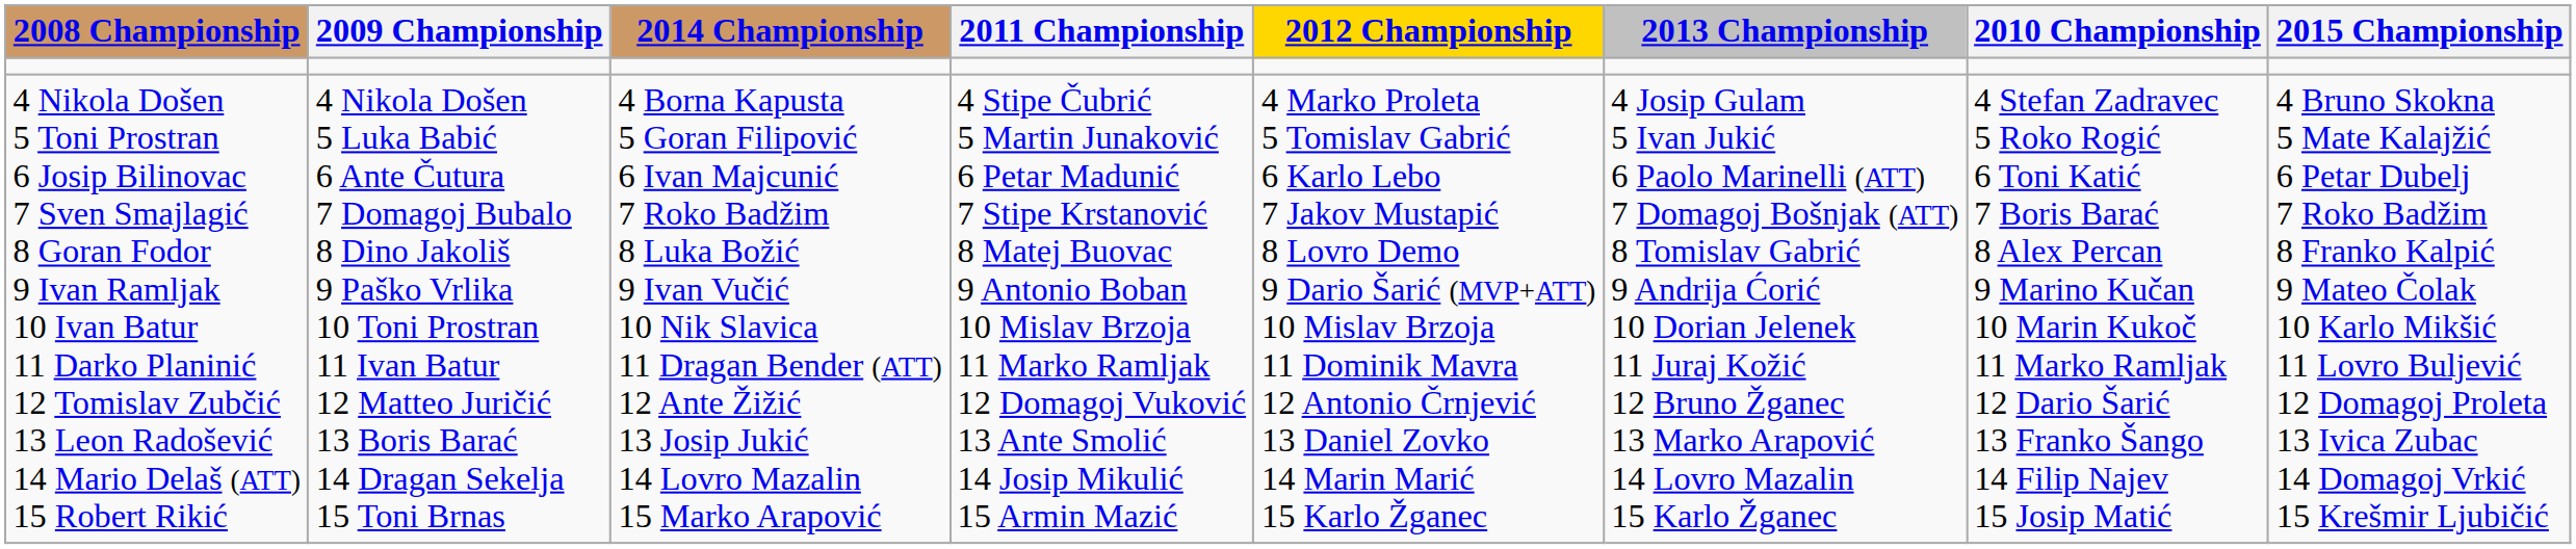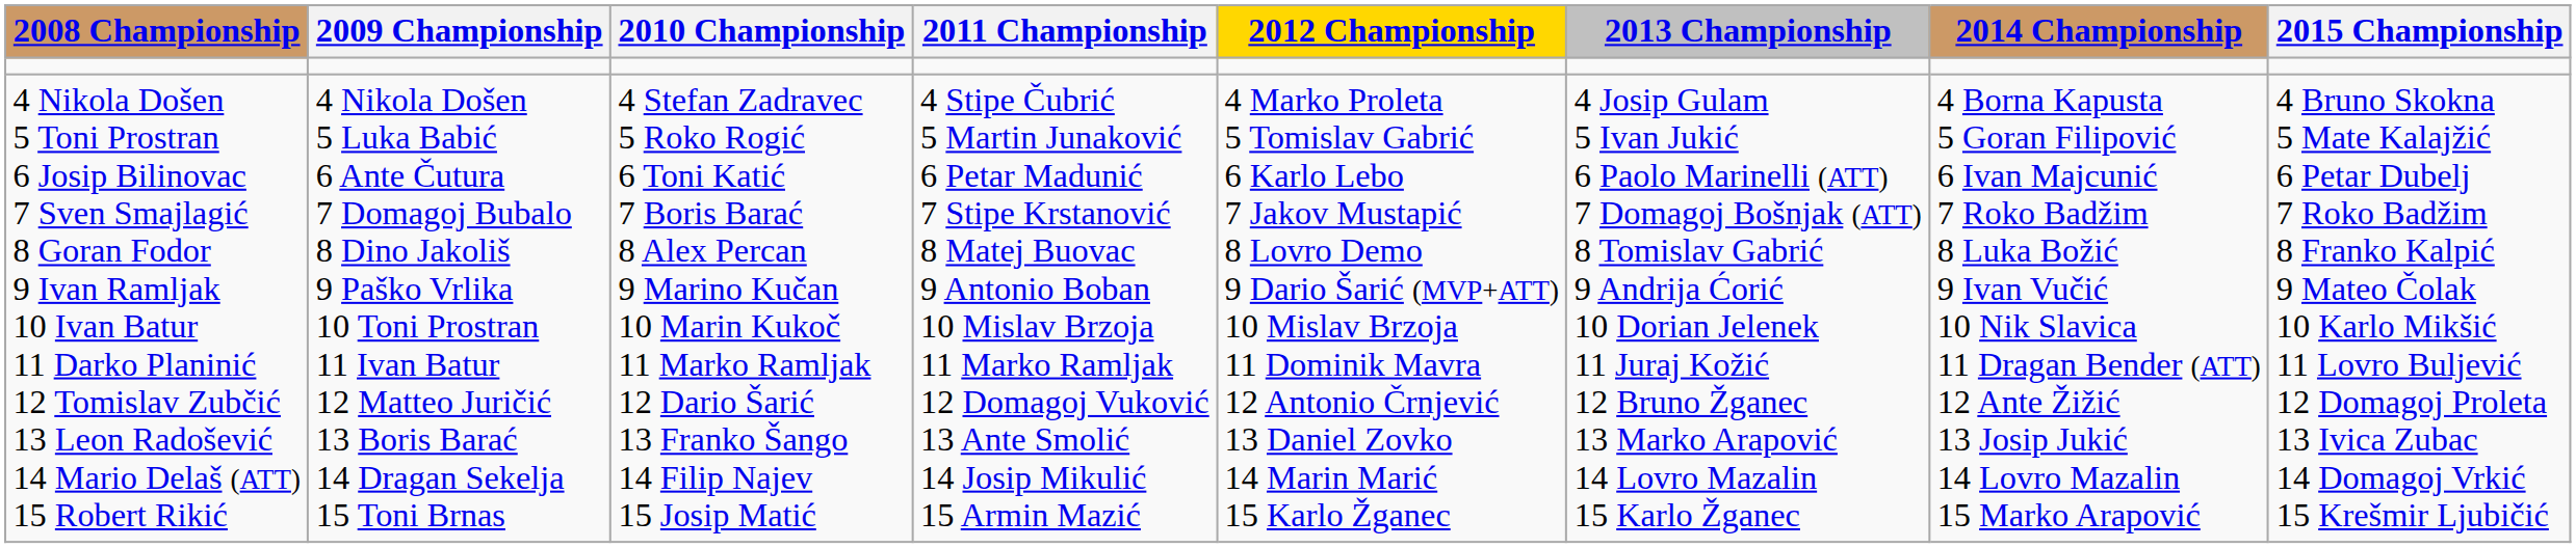 <table class="wikitable">
 <tr>
 <th style="background:#cc9966;"><a href='#'>2008 Championship</a></th>
 <th><a href='#'>2009 Championship</a></th>
-<th style="background:#cc9966;"><a href='#'>2014 Championship</a></th>
+<th><a href='#'>2010 Championship</a></th>
 <th><a href='#'>2011 Championship</a></th>
 <th style="background:gold;"><a href='#'>2012 Championship</a></th>
 <th style="background:silver;"><a href='#'>2013 Championship</a></th>
-<th><a href='#'>2010 Championship</a></th>
+<th style="background:#cc9966;"><a href='#'>2014 Championship</a></th>
 <th><a href='#'>2015 Championship</a></th>
 </tr>
 <tr>
 <td></td>
 <td></td>
 <td></td>
 <td></td>
 <td></td>
 <td></td>
 <td></td>
 <td></td>
 </tr>
 <tr>
 <td valign=top>4 <a href='#'>Nikola Došen</a> <br>5 <a href='#'>Toni Prostran</a> <br>6 <a href='#'>Josip Bilinovac</a> <br>7 <a href='#'>Sven Smajlagić</a> <br>8 <a href='#'>Goran Fodor</a> <br>9 <a href='#'>Ivan Ramljak</a> <br>10 <a href='#'>Ivan Batur</a> <br>11 <a href='#'>Darko Planinić</a> <br>12 <a href='#'>Tomislav Zubčić</a> <br>13 <a href='#'>Leon Radošević</a> <br>14 <a href='#'>Mario Delaš</a> <small>(<a href='#'>ATT</a>)</small> <br>15 <a href='#'>Robert Rikić</a></td>
 <td valign=top>4 <a href='#'>Nikola Došen</a> <br>5 <a href='#'>Luka Babić</a> <br>6 <a href='#'>Ante Čutura</a> <br>7 <a href='#'>Domagoj Bubalo</a> <br>8 <a href='#'>Dino Jakoliš</a> <br>9 <a href='#'>Paško Vrlika</a> <br>10 <a href='#'>Toni Prostran</a> <br>11 <a href='#'>Ivan Batur</a> <br>12 <a href='#'>Matteo Juričić</a> <br>13 <a href='#'>Boris Barać</a> <br>14 <a href='#'>Dragan Sekelja</a> <br>15 <a href='#'>Toni Brnas</a></td>
-<td valign=top>4 <a href='#'>Borna Kapusta</a> <br>5 <a href='#'>Goran Filipović</a> <br>6 <a href='#'>Ivan Majcunić</a> <br>7 <a href='#'>Roko Badžim</a> <br>8 <a href='#'>Luka Božić</a> <br>9 <a href='#'>Ivan Vučić</a> <br>10 <a href='#'>Nik Slavica</a> <br>11 <a href='#'>Dragan Bender</a> <small>(<a href='#'>ATT</a>)</small><br>12 <a href='#'>Ante Žižić</a> <br>13 <a href='#'>Josip Jukić</a> <br>14 <a href='#'>Lovro Mazalin</a> <br>15 <a href='#'>Marko Arapović</a></td>
+<td valign=top>4 <a href='#'>Stefan Zadravec</a> <br>5 <a href='#'>Roko Rogić</a> <br>6 <a href='#'>Toni Katić</a> <br>7 <a href='#'>Boris Barać</a> <br>8 <a href='#'>Alex Percan</a> <br>9 <a href='#'>Marino Kučan</a> <br>10 <a href='#'>Marin Kukoč</a> <br>11 <a href='#'>Marko Ramljak</a> <br>12 <a href='#'>Dario Šarić</a> <br>13 <a href='#'>Franko Šango</a> <br>14 <a href='#'>Filip Najev</a> <br>15 <a href='#'>Josip Matić</a></td>
 <td valign=top>4 <a href='#'>Stipe Čubrić</a> <br>5 <a href='#'>Martin Junaković</a> <br>6 <a href='#'>Petar Madunić</a> <br>7 <a href='#'>Stipe Krstanović</a> <br>8 <a href='#'>Matej Buovac</a> <br>9 <a href='#'>Antonio Boban</a> <br>10 <a href='#'>Mislav Brzoja</a> <br>11 <a href='#'>Marko Ramljak</a> <br>12 <a href='#'>Domagoj Vuković</a> <br>13 <a href='#'>Ante Smolić</a> <br>14 <a href='#'>Josip Mikulić</a> <br>15 <a href='#'>Armin Mazić</a></td>
 <td valign=top>4 <a href='#'>Marko Proleta</a> <br>5 <a href='#'>Tomislav Gabrić</a> <br>6 <a href='#'>Karlo Lebo</a> <br>7 <a href='#'>Jakov Mustapić</a> <br>8 <a href='#'>Lovro Demo</a> <br>9 <a href='#'>Dario Šarić</a> <small>(<a href='#'>MVP</a>+<a href='#'>ATT</a>)</small> <br>10 <a href='#'>Mislav Brzoja</a> <br>11 <a href='#'>Dominik Mavra</a> <br>12 <a href='#'>Antonio Črnjević</a> <br>13 <a href='#'>Daniel Zovko</a> <br>14 <a href='#'>Marin Marić</a> <br>15 <a href='#'>Karlo Žganec</a></td>
 <td valign=top>4 <a href='#'>Josip Gulam</a> <br>5 <a href='#'>Ivan Jukić</a> <br>6 <a href='#'>Paolo Marinelli</a> <small>(<a href='#'>ATT</a>)</small><br>7 <a href='#'>Domagoj Bošnjak</a> <small>(<a href='#'>ATT</a>)</small><br>8 <a href='#'>Tomislav Gabrić</a> <br>9 <a href='#'>Andrija Ćorić</a> <br>10 <a href='#'>Dorian Jelenek</a> <br>11 <a href='#'>Juraj Kožić</a> <br>12 <a href='#'>Bruno Žganec</a> <br>13 <a href='#'>Marko Arapović</a> <br>14 <a href='#'>Lovro Mazalin</a> <br>15 <a href='#'>Karlo Žganec</a></td>
-<td valign=top>4 <a href='#'>Stefan Zadravec</a> <br>5 <a href='#'>Roko Rogić</a> <br>6 <a href='#'>Toni Katić</a> <br>7 <a href='#'>Boris Barać</a> <br>8 <a href='#'>Alex Percan</a> <br>9 <a href='#'>Marino Kučan</a> <br>10 <a href='#'>Marin Kukoč</a> <br>11 <a href='#'>Marko Ramljak</a> <br>12 <a href='#'>Dario Šarić</a> <br>13 <a href='#'>Franko Šango</a> <br>14 <a href='#'>Filip Najev</a> <br>15 <a href='#'>Josip Matić</a></td>
+<td valign=top>4 <a href='#'>Borna Kapusta</a> <br>5 <a href='#'>Goran Filipović</a> <br>6 <a href='#'>Ivan Majcunić</a> <br>7 <a href='#'>Roko Badžim</a> <br>8 <a href='#'>Luka Božić</a> <br>9 <a href='#'>Ivan Vučić</a> <br>10 <a href='#'>Nik Slavica</a> <br>11 <a href='#'>Dragan Bender</a> <small>(<a href='#'>ATT</a>)</small><br>12 <a href='#'>Ante Žižić</a> <br>13 <a href='#'>Josip Jukić</a> <br>14 <a href='#'>Lovro Mazalin</a> <br>15 <a href='#'>Marko Arapović</a></td>
 <td valign=top>4 <a href='#'>Bruno Skokna</a> <br>5 <a href='#'>Mate Kalajžić</a> <br>6 <a href='#'>Petar Dubelj</a> <br>7 <a href='#'>Roko Badžim</a> <br>8 <a href='#'>Franko Kalpić</a> <br>9 <a href='#'>Mateo Čolak</a> <br>10 <a href='#'>Karlo Mikšić</a> <br>11 <a href='#'>Lovro Buljević</a> <br>12 <a href='#'>Domagoj Proleta</a> <br>13 <a href='#'>Ivica Zubac</a> <br>14 <a href='#'>Domagoj Vrkić</a> <br>15 <a href='#'>Krešmir Ljubičić</a></td>
 </tr>
 </table>
